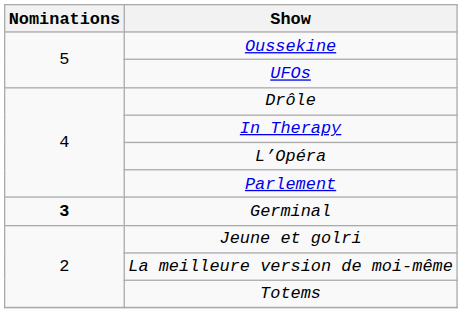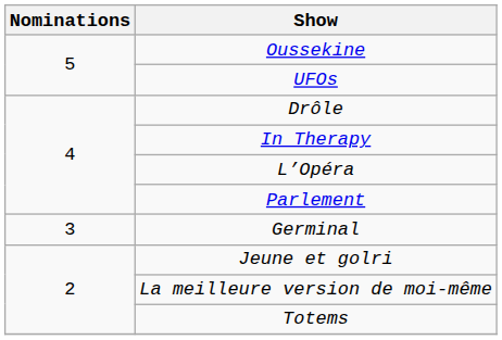 <table class="wikitable sortable" style="text-align: center; max-width:29em">
 <tr>
 <th scope="col">Nominations</th>
 <th scope="col">Show</th>
 </tr>
 <tr>
 <td scope="row" rowspan="2">5</td>
 <td><em><a href='#'>Oussekine</a></em></td>
 </tr>
 <tr>
 <td><em><a href='#'>UFOs</a></em></td>
 </tr>
 <tr>
 <td scope="row" rowspan="4">4</td>
 <td><em>Drôle</em></td>
 </tr>
 <tr>
 <td><em><a href='#'>In Therapy</a></em></td>
 </tr>
 <tr>
 <td><em>L’Opéra</em></td>
 </tr>
 <tr>
 <td><em><a href='#'>Parlement</a></em></td>
 </tr>
 <tr>
-<td scope="row" rowspan="1"><strong>3</strong></td>
+<td scope="row" rowspan="1">3</td>
 <td><em>Germinal</em></td>
 </tr>
 <tr>
 <td scope="row" rowspan="3">2</td>
 <td><em>Jeune et golri</em></td>
 </tr>
 <tr>
 <td><em>La meilleure version de moi-même</em></td>
 </tr>
 <tr>
 <td><em>Totems</em></td>
 </tr>
 <tr>
 </tr>
 </table>
